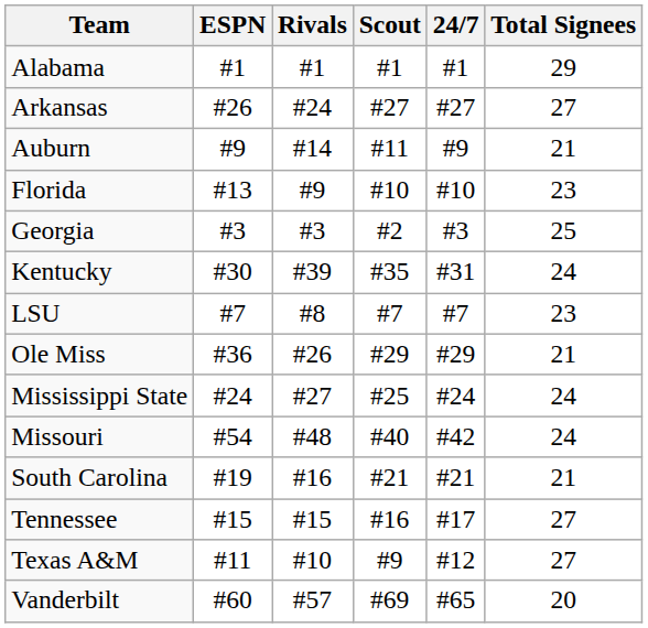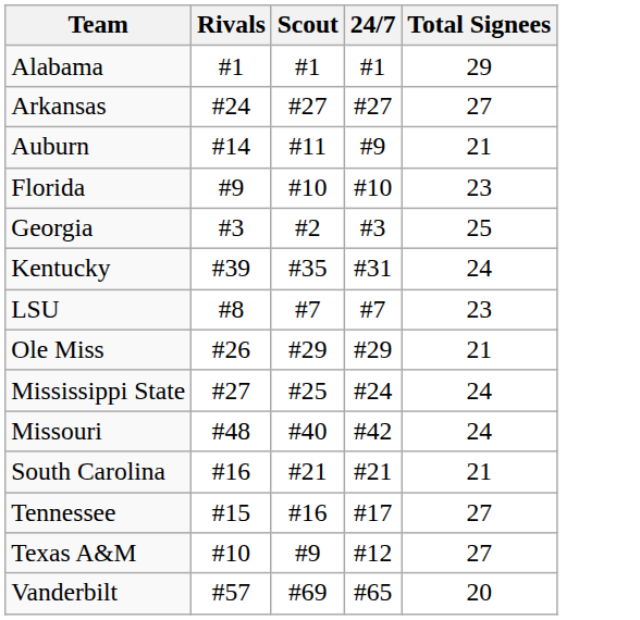 <table class="wikitable">
 <tr>
 <th>Team</th>
-<th>ESPN</th>
 <th>Rivals</th>
 <th>Scout</th>
 <th>24/7</th>
 <th>Total Signees</th>
 </tr>
 <tr>
 <td>Alabama</td>
 <td style="text-align:center; background:white">#1</td>
 <td style="text-align:center; background:white">#1</td>
 <td style="text-align:center; background:white">#1</td>
-<td style="text-align:center; background:white">#1</td>
 <td style="text-align:center; background:white">29</td>
 </tr>
 <tr>
 <td>Arkansas</td>
-<td style="text-align:center; background:white">#26</td>
 <td style="text-align:center; background:white">#24</td>
 <td style="text-align:center; background:white">#27</td>
 <td style="text-align:center; background:white">#27</td>
 <td style="text-align:center; background:white">27</td>
 </tr>
 <tr>
 <td>Auburn</td>
-<td style="text-align:center; background:white">#9</td>
 <td style="text-align:center; background:white">#14</td>
 <td style="text-align:center; background:white">#11</td>
 <td style="text-align:center; background:white">#9</td>
 <td style="text-align:center; background:white">21</td>
 </tr>
 <tr>
 <td>Florida</td>
-<td style="text-align:center; background:white">#13</td>
 <td style="text-align:center; background:white">#9</td>
 <td style="text-align:center; background:white">#10</td>
 <td style="text-align:center; background:white">#10</td>
 <td style="text-align:center; background:white">23</td>
 </tr>
 <tr>
 <td>Georgia</td>
 <td style="text-align:center; background:white">#3</td>
-<td style="text-align:center; background:white">#3</td>
 <td style="text-align:center; background:white">#2</td>
 <td style="text-align:center; background:white">#3</td>
 <td style="text-align:center; background:white">25</td>
 </tr>
 <tr>
 <td>Kentucky</td>
-<td style="text-align:center; background:white">#30</td>
 <td style="text-align:center; background:white">#39</td>
 <td style="text-align:center; background:white">#35</td>
 <td style="text-align:center; background:white">#31</td>
 <td style="text-align:center; background:white">24</td>
 </tr>
 <tr>
 <td>LSU</td>
-<td style="text-align:center; background:white">#7</td>
 <td style="text-align:center; background:white">#8</td>
 <td style="text-align:center; background:white">#7</td>
 <td style="text-align:center; background:white">#7</td>
 <td style="text-align:center; background:white">23</td>
 </tr>
 <tr>
 <td>Ole Miss</td>
-<td style="text-align:center; background:white">#36</td>
 <td style="text-align:center; background:white">#26</td>
 <td style="text-align:center; background:white">#29</td>
 <td style="text-align:center; background:white">#29</td>
 <td style="text-align:center; background:white">21</td>
 </tr>
 <tr>
 <td>Mississippi State</td>
-<td style="text-align:center; background:white">#24</td>
 <td style="text-align:center; background:white">#27</td>
 <td style="text-align:center; background:white">#25</td>
 <td style="text-align:center; background:white">#24</td>
 <td style="text-align:center; background:white">24</td>
 </tr>
 <tr>
 <td>Missouri</td>
-<td style="text-align:center; background:white">#54</td>
 <td style="text-align:center; background:white">#48</td>
 <td style="text-align:center; background:white">#40</td>
 <td style="text-align:center; background:white">#42</td>
 <td style="text-align:center; background:white">24</td>
 </tr>
 <tr>
 <td>South Carolina</td>
-<td style="text-align:center; background:white">#19</td>
 <td style="text-align:center; background:white">#16</td>
 <td style="text-align:center; background:white">#21</td>
 <td style="text-align:center; background:white">#21</td>
 <td style="text-align:center; background:white">21</td>
 </tr>
 <tr>
 <td>Tennessee</td>
 <td style="text-align:center; background:white">#15</td>
-<td style="text-align:center; background:white">#15</td>
 <td style="text-align:center; background:white">#16</td>
 <td style="text-align:center; background:white">#17</td>
 <td style="text-align:center; background:white">27</td>
 </tr>
 <tr>
 <td>Texas A&M</td>
-<td style="text-align:center; background:white">#11</td>
 <td style="text-align:center; background:white">#10</td>
 <td style="text-align:center; background:white">#9</td>
 <td style="text-align:center; background:white">#12</td>
 <td style="text-align:center; background:white">27</td>
 </tr>
 <tr>
 <td>Vanderbilt</td>
-<td style="text-align:center; background:white">#60</td>
 <td style="text-align:center; background:white">#57</td>
 <td style="text-align:center; background:white">#69</td>
 <td style="text-align:center; background:white">#65</td>
 <td style="text-align:center; background:white">20</td>
 </tr>
 </table>
